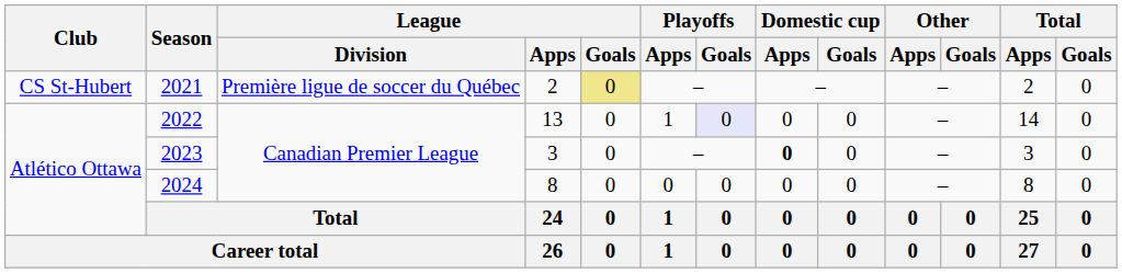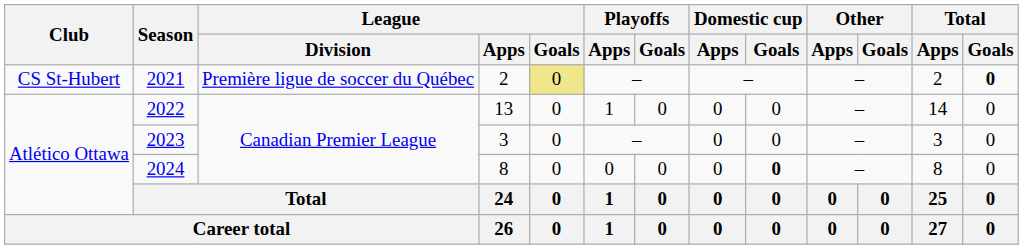 <table class="wikitable" style="text-align:center">
 <tr>
 <th rowspan="2">Club</th>
 <th rowspan="2">Season</th>
 <th colspan="3">League</th>
 <th colspan="2">Playoffs</th>
 <th colspan="2">Domestic cup</th>
 <th colspan="2">Other</th>
 <th colspan="2">Total</th>
 </tr>
 <tr>
 <th>Division</th>
 <th>Apps</th>
 <th>Goals</th>
 <th>Apps</th>
 <th>Goals</th>
 <th>Apps</th>
 <th>Goals</th>
 <th>Apps</th>
 <th>Goals</th>
 <th>Apps</th>
 <th>Goals</th>
 </tr>
 <tr>
 <td><a href='#'>CS St-Hubert</a></td>
 <td><a href='#'>2021</a></td>
 <td><a href='#'>Première ligue de soccer du Québec</a></td>
 <td>2</td>
 <td style="background: khaki;">0</td>
 <td colspan="2">–</td>
 <td colspan="2">–</td>
 <td colspan="2">–</td>
 <td>2</td>
-<td>0</td>
+<td><strong>0</strong></td>
 </tr>
 <tr>
 <td rowspan=4><a href='#'>Atlético Ottawa</a></td>
 <td><a href='#'>2022</a></td>
 <td rowspan=3><a href='#'>Canadian Premier League</a></td>
 <td>13</td>
 <td>0</td>
 <td>1</td>
-<td style="background: lavender;">0</td>
+<td>0</td>
 <td>0</td>
 <td>0</td>
 <td colspan="2">–</td>
 <td>14</td>
 <td>0</td>
 </tr>
 <tr>
 <td><a href='#'>2023</a></td>
 <td>3</td>
 <td>0</td>
 <td colspan="2">–</td>
-<td><strong>0</strong></td>
+<td>0</td>
 <td>0</td>
 <td colspan="2">–</td>
 <td>3</td>
 <td>0</td>
 </tr>
 <tr>
 <td><a href='#'>2024</a></td>
 <td>8</td>
 <td>0</td>
 <td>0</td>
 <td>0</td>
 <td>0</td>
-<td>0</td>
+<td><strong>0</strong></td>
 <td colspan="2">–</td>
 <td>8</td>
 <td>0</td>
 </tr>
 <tr>
 <th colspan="2">Total</th>
 <th>24</th>
 <th>0</th>
 <th>1</th>
 <th>0</th>
 <th>0</th>
 <th>0</th>
 <th>0</th>
 <th>0</th>
 <th>25</th>
 <th>0</th>
 </tr>
 <tr>
 <th colspan="3">Career total</th>
 <th>26</th>
 <th>0</th>
 <th>1</th>
 <th>0</th>
 <th>0</th>
 <th>0</th>
 <th>0</th>
 <th>0</th>
 <th>27</th>
 <th>0</th>
 </tr>
 </table>
